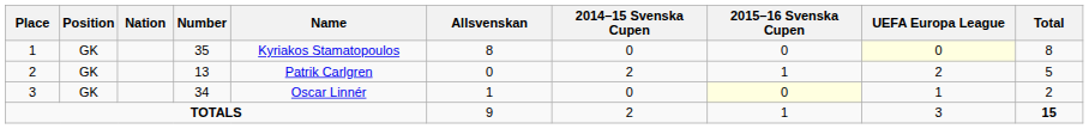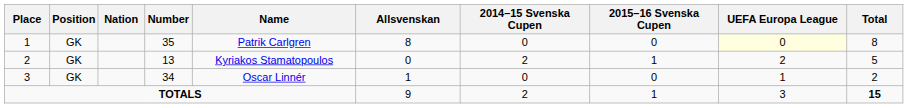 <table class="wikitable" style="font-size: 95%; text-align: center;">
 <tr>
 <th width=60>Place</th>
 <th width=60>Position</th>
 <th width=60>Nation</th>
 <th width=60>Number</th>
 <th width=250>Name</th>
 <th width=150>Allsvenskan</th>
 <th width=200>2014–15 Svenska Cupen</th>
 <th width=200>2015–16 Svenska Cupen</th>
 <th width=200>UEFA Europa League</th>
 <th width=80><strong>Total</strong></th>
 </tr>
 <tr>
 <td>1</td>
 <td>GK</td>
 <td></td>
 <td>35</td>
-<td><a href='#'>Kyriakos Stamatopoulos</a></td>
+<td><a href='#'>Patrik Carlgren</a></td>
 <td>8</td>
 <td>0</td>
 <td>0</td>
 <td style="background: lightyellow;">0</td>
 <td>8</td>
 </tr>
 <tr>
 <td>2</td>
 <td>GK</td>
 <td></td>
 <td>13</td>
-<td><a href='#'>Patrik Carlgren</a></td>
+<td><a href='#'>Kyriakos Stamatopoulos</a></td>
 <td>0</td>
 <td>2</td>
 <td>1</td>
 <td>2</td>
 <td>5</td>
 </tr>
 <tr>
 <td>3</td>
 <td>GK</td>
 <td></td>
 <td>34</td>
 <td><a href='#'>Oscar Linnér</a></td>
 <td>1</td>
 <td>0</td>
-<td style="background: lightyellow;">0</td>
+<td>0</td>
 <td>1</td>
 <td>2</td>
 </tr>
 <tr>
 <td colspan="5"><strong>TOTALS</strong></td>
 <td>9</td>
 <td>2</td>
 <td>1</td>
 <td>3</td>
 <td><strong>15</strong></td>
 </tr>
 </table>
